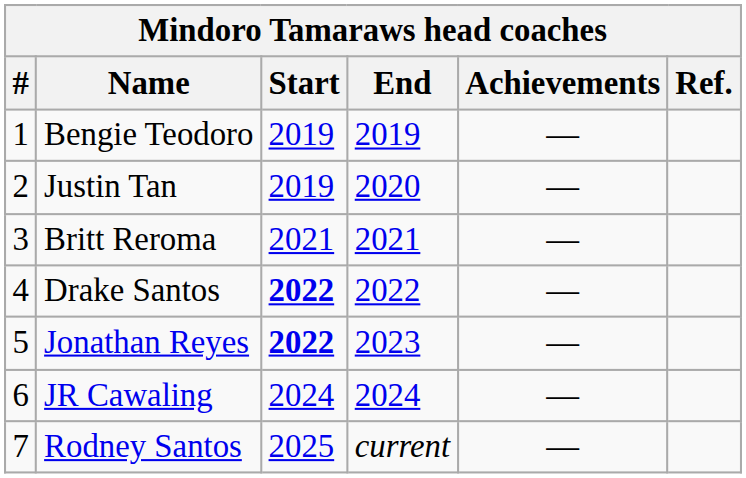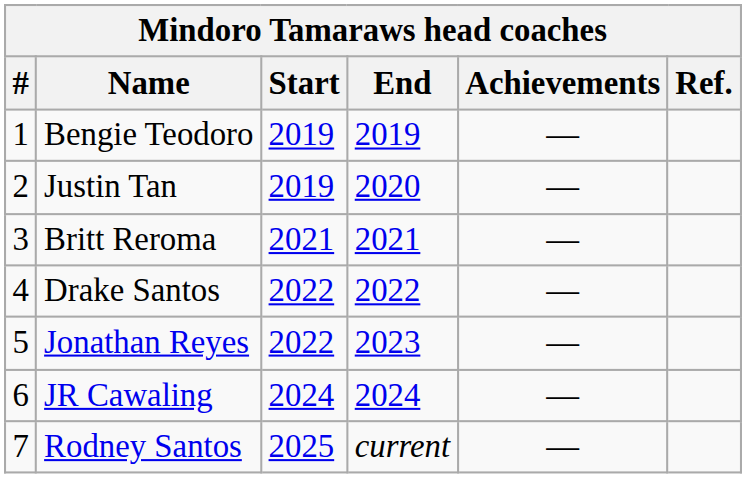 <table class="wikitable sortable">
 <tr>
 <th colspan="6">Mindoro Tamaraws head coaches</th>
 </tr>
 <tr>
 <th>#</th>
 <th>Name</th>
 <th>Start</th>
 <th>End</th>
 <th>Achievements</th>
 <th>Ref.</th>
 </tr>
 <tr>
 <td align=center>1</td>
 <td>Bengie Teodoro</td>
 <td><a href='#'>2019</a></td>
 <td><a href='#'>2019</a></td>
 <td align=center>—</td>
 <td></td>
 </tr>
 <tr>
 <td align=center>2</td>
 <td>Justin Tan</td>
 <td><a href='#'>2019</a></td>
 <td><a href='#'>2020</a></td>
 <td align=center>—</td>
 <td></td>
 </tr>
 <tr>
 <td align=center>3</td>
 <td>Britt Reroma</td>
 <td><a href='#'>2021</a></td>
 <td><a href='#'>2021</a></td>
 <td align=center>—</td>
 <td></td>
 </tr>
 <tr>
 <td align=center>4</td>
 <td>Drake Santos</td>
-<td><strong><a href='#'>2022</a></strong></td>
+<td><a href='#'>2022</a></td>
 <td><a href='#'>2022</a></td>
 <td align=center>—</td>
 <td></td>
 </tr>
 <tr>
 <td align=center>5</td>
 <td><a href='#'>Jonathan Reyes</a></td>
-<td><strong><a href='#'>2022</a></strong></td>
+<td><a href='#'>2022</a></td>
 <td><a href='#'>2023</a></td>
 <td align=center>—</td>
 <td></td>
 </tr>
 <tr>
 <td align=center>6</td>
 <td><a href='#'>JR Cawaling</a></td>
 <td><a href='#'>2024</a></td>
 <td><a href='#'>2024</a></td>
 <td align=center>—</td>
 <td></td>
 </tr>
 <tr>
 <td align=center>7</td>
 <td><a href='#'>Rodney Santos</a></td>
 <td><a href='#'>2025</a></td>
 <td><em>current</em></td>
 <td align=center>—</td>
 <td></td>
 </tr>
 </table>
